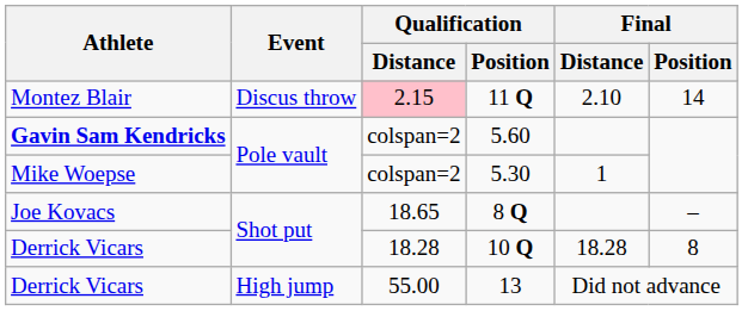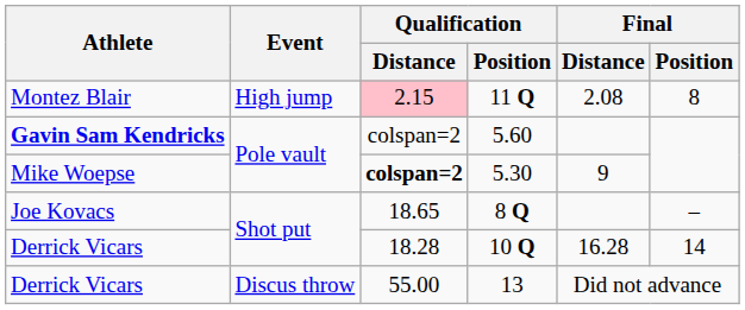 <table class=wikitable style="font-size:90%">
 <tr>
 <th rowspan=2>Athlete</th>
 <th rowspan=2>Event</th>
 <th colspan=2>Qualification</th>
 <th colspan=2>Final</th>
 </tr>
 <tr>
 <th>Distance</th>
 <th>Position</th>
 <th>Distance</th>
 <th>Position</th>
 </tr>
 <tr align=center>
 <td align=left><a href='#'>Montez Blair</a></td>
-<td align=left><a href='#'>Discus throw</a></td>
+<td align=left><a href='#'>High jump</a></td>
 <td style="background: pink;">2.15</td>
 <td>11 <strong>Q</strong></td>
-<td>2.10</td>
-<td>14</td>
+<td>2.08</td>
+<td>8</td>
 </tr>
 <tr align=center>
 <td align=left><strong><a href='#'>Gavin Sam Kendricks</a></strong></td>
 <td align=left rowspan=2><a href='#'>Pole vault</a></td>
 <td>colspan=2 </td>
 <td>5.60</td>
 <td></td>
 </tr>
 <tr align=center>
 <td align=left><a href='#'>Mike Woepse</a></td>
-<td>colspan=2 </td>
+<td><strong>colspan=2 </strong></td>
 <td>5.30</td>
-<td>1</td>
+<td>9</td>
 </tr>
 <tr align=center>
 <td align=left><a href='#'>Joe Kovacs</a></td>
 <td align=left rowspan=2><a href='#'>Shot put</a></td>
 <td>18.65</td>
 <td>8 <strong>Q</strong></td>
 <td></td>
 <td>–</td>
 </tr>
 <tr align=center>
 <td align=left><a href='#'>Derrick Vicars</a></td>
 <td>18.28</td>
 <td>10 <strong>Q</strong></td>
-<td>18.28</td>
-<td>8</td>
+<td>16.28</td>
+<td>14</td>
 </tr>
 <tr align=center>
 <td align=left><a href='#'>Derrick Vicars</a></td>
-<td align=left><a href='#'>High jump</a></td>
+<td align=left><a href='#'>Discus throw</a></td>
 <td>55.00</td>
 <td>13</td>
 <td colspan=2 align=center>Did not advance</td>
 </tr>
 </table>
